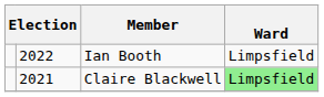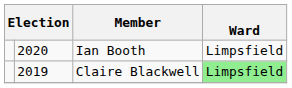 <table class="wikitable">
 <tr>
 <th colspan="2">Election</th>
 <th>Member</th>
 <th><br>Ward</th>
 </tr>
 <tr>
 <td style="background-color: "></td>
-<td>2022</td>
+<td>2020</td>
 <td>Ian Booth</td>
 <td>Limpsfield</td>
 </tr>
 <tr>
 <td style="background-color: "></td>
-<td>2021</td>
+<td>2019</td>
 <td>Claire Blackwell</td>
 <td style="background: lightgreen;">Limpsfield</td>
 </tr>
 <tr>
 </tr>
 </table>
